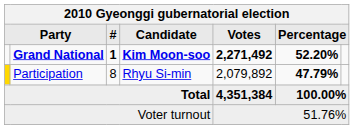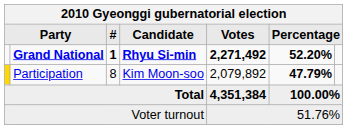 <table class="wikitable">
 <tr>
 <th colspan="7">2010 Gyeonggi gubernatorial election</th>
 </tr>
 <tr>
 <th style="background-color:#E9E9E9" colspan=2>Party</th>
 <th style="background-color:#E9E9E9">#</th>
 <th style="background-color:#E9E9E9">Candidate</th>
 <th style="background-color:#E9E9E9">Votes</th>
 <th style="background-color:#E9E9E9" colspan=2>Percentage</th>
 </tr>
 <tr style="font-weight:bold">
 <td></td>
 <td align=left><a href='#'>Grand National</a></td>
 <td align=center>1</td>
-<td align=left><a href='#'>Kim Moon-soo</a></td>
+<td align=left><a href='#'>Rhyu Si-min</a></td>
 <td align=right>2,271,492</td>
 <td align=right>52.20%</td>
 <td align=right></td>
 </tr>
 <tr>
 <td bgcolor="#FFD800"></td>
 <td align=left><a href='#'>Participation</a></td>
 <td align=center>8</td>
-<td align=left><a href='#'>Rhyu Si-min</a></td>
+<td align=left><a href='#'>Kim Moon-soo</a></td>
 <td align=right>2,079,892</td>
 <td align=right><strong>47.79%</strong></td>
 <td align=right></td>
 </tr>
 <tr bgcolor="#EEEEEE" style="font-weight:bold">
 <td colspan="4" align=right>Total</td>
 <td align=right>4,351,384</td>
 <td align=right colspan=2>100.00%</td>
 </tr>
 <tr bgcolor="#EEEEEE">
 <td colspan="4" align="right">Voter turnout</td>
 <td colspan="3" align="right">51.76%</td>
 </tr>
 </table>
